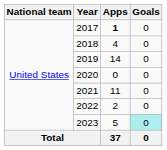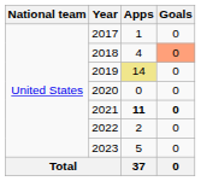 <table class="wikitable" style="text-align: center;">
 <tr>
 <th>National team</th>
 <th>Year</th>
 <th>Apps</th>
 <th>Goals</th>
 </tr>
 <tr>
 <td rowspan="7"><a href='#'>United States</a></td>
 <td>2017</td>
-<td><strong>1</strong></td>
+<td>1</td>
 <td>0</td>
 </tr>
 <tr>
 <td>2018</td>
 <td>4</td>
-<td>0</td>
+<td style="background: lightsalmon;">0</td>
 </tr>
 <tr>
 <td>2019</td>
-<td>14</td>
+<td style="background: khaki;">14</td>
 <td>0</td>
 </tr>
 <tr>
 <td>2020</td>
 <td>0</td>
 <td>0</td>
 </tr>
 <tr>
 <td>2021</td>
-<td>11</td>
-<td>0</td>
+<td><strong>11</strong></td>
+<td><strong>0</strong></td>
 </tr>
 <tr>
 <td>2022</td>
 <td>2</td>
 <td>0</td>
 </tr>
 <tr>
 <td>2023</td>
 <td>5</td>
-<td style="background: paleturquoise;">0</td>
+<td>0</td>
 </tr>
 <tr>
 <th colspan="2">Total</th>
 <th>37</th>
 <th>0</th>
 </tr>
 </table>
